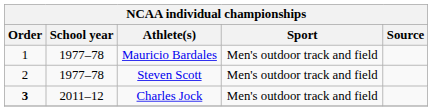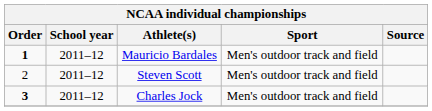 <table class="wikitable sortable" width="60%">
 <tr align="center">
 <th colspan=5>NCAA individual championships</th>
 </tr>
 <tr>
 <th>Order</th>
 <th>School year</th>
 <th>Athlete(s)</th>
 <th>Sport</th>
 <th>Source</th>
 </tr>
 <tr align="center" bgcolor="">
-<td>1</td>
-<td>1977–78</td>
+<td><strong>1</strong></td>
+<td>2011–12</td>
 <td><a href='#'>Mauricio Bardales</a></td>
 <td>Men's outdoor track and field</td>
 <td></td>
 </tr>
 <tr align="center" bgcolor="">
 <td>2</td>
-<td>1977–78</td>
+<td>2011–12</td>
 <td><a href='#'>Steven Scott</a></td>
 <td>Men's outdoor track and field</td>
 <td></td>
 </tr>
 <tr align="center" bgcolor="">
 <td><strong>3</strong></td>
 <td>2011–12</td>
 <td><a href='#'>Charles Jock</a></td>
 <td>Men's outdoor track and field</td>
 <td></td>
 </tr>
 <tr align="center" bgcolor="">
 </tr>
 </table>
